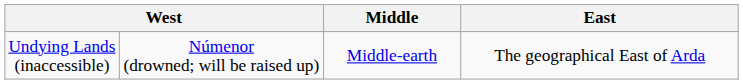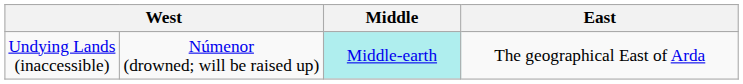 <table class="wikitable" style="margin: 1em auto; text-align:center;">
 <tr>
 <th style="width: 250px;" colspan=2>West</th>
 <th style="width: 120px;">Middle</th>
 <th style="width: 250px;">East</th>
 </tr>
 <tr>
 <td><a href='#'>Undying Lands</a><br>(inaccessible)</td>
 <td><a href='#'>Númenor</a><br>(drowned; will be raised up)</td>
-<td><a href='#'>Middle-earth</a></td>
+<td style="background: paleturquoise;"><a href='#'>Middle-earth</a></td>
 <td>The geographical East of <a href='#'>Arda</a></td>
 </tr>
 </table>
